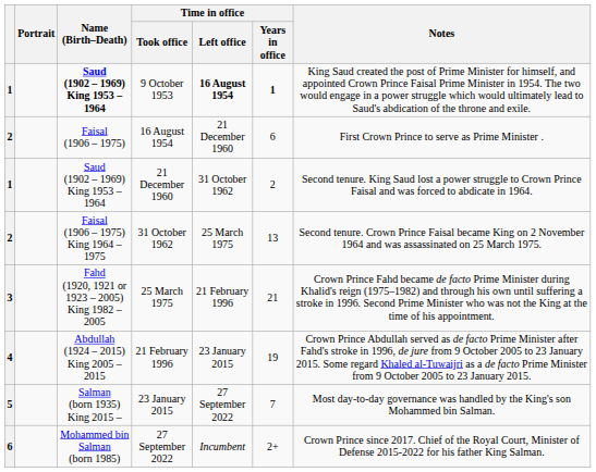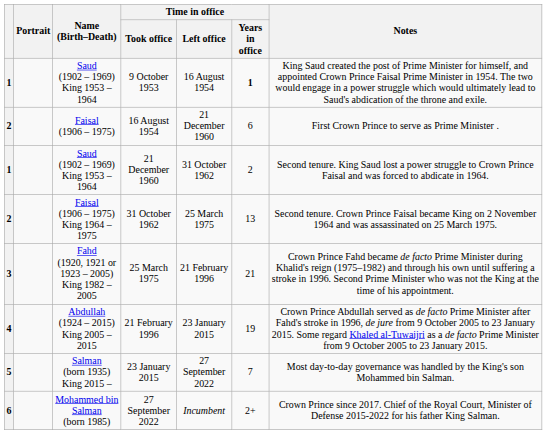 <table class="wikitable" style="text-align:center">
 <tr>
 <th rowspan="2"></th>
 <th rowspan="2">Portrait</th>
 <th rowspan="2">Name<br>(Birth–Death)</th>
 <th colspan="3">Time in office</th>
 <th rowspan="2">Notes</th>
 </tr>
 <tr>
 <th>Took office</th>
 <th>Left office</th>
 <th>Years in office</th>
 </tr>
 <tr>
 <th>1</th>
 <td></td>
-<td><strong><a href='#'>Saud</a><br>(1902 – 1969)<br>King 1953 – 1964</strong></td>
+<td><a href='#'>Saud</a><br>(1902 – 1969)<br>King 1953 – 1964</td>
 <td>9 October 1953</td>
-<td><strong>16 August 1954</strong></td>
+<td>16 August 1954</td>
 <td><strong>1</strong></td>
 <td>King Saud created the post of Prime Minister for himself, and appointed Crown Prince Faisal Prime Minister in 1954. The two would engage in a power struggle which would ultimately lead to Saud's abdication of the throne and exile.</td>
 </tr>
 <tr>
 <th>2</th>
 <td></td>
 <td><a href='#'>Faisal</a><br>(1906 – 1975)</td>
 <td>16 August 1954</td>
 <td>21 December 1960</td>
 <td>6</td>
 <td>First Crown Prince to serve as Prime Minister .</td>
 </tr>
 <tr>
 <th>1</th>
 <td></td>
 <td><a href='#'>Saud</a><br>(1902 – 1969)<br>King 1953 – 1964</td>
 <td>21 December 1960</td>
 <td>31 October 1962</td>
 <td>2</td>
 <td>Second tenure. King Saud lost a power struggle to Crown Prince Faisal and was forced to abdicate in 1964.</td>
 </tr>
 <tr>
 <th>2</th>
 <td></td>
 <td><a href='#'>Faisal</a><br>(1906 – 1975)<br>King 1964 – 1975</td>
 <td>31 October 1962</td>
 <td>25 March 1975</td>
 <td>13</td>
 <td>Second tenure. Crown Prince Faisal became King on 2 November 1964 and was assassinated on 25 March 1975.</td>
 </tr>
 <tr>
 <th>3</th>
 <td></td>
 <td><a href='#'>Fahd</a><br>(1920, 1921 or 1923 – 2005)<br>King 1982 – 2005</td>
 <td>25 March 1975</td>
 <td>21 February 1996</td>
 <td>21</td>
 <td>Crown Prince Fahd became <em>de facto</em> Prime Minister during Khalid's reign (1975–1982) and through his own until suffering a stroke in 1996. Second Prime Minister who was not the King at the time of his appointment.</td>
 </tr>
 <tr>
 <th>4</th>
 <td></td>
 <td><a href='#'>Abdullah</a><br>(1924 – 2015)<br>King 2005 – 2015</td>
 <td>21 February 1996</td>
 <td>23 January 2015</td>
 <td>19</td>
 <td>Crown Prince Abdullah served as <em>de facto</em> Prime Minister after Fahd's stroke in 1996, <em>de jure</em> from 9 October 2005 to 23 January 2015. Some regard <a href='#'>Khaled al-Tuwaijri</a> as a <em>de facto</em> Prime Minister from 9 October 2005 to 23 January 2015.</td>
 </tr>
 <tr>
 <th>5</th>
 <td></td>
 <td><a href='#'>Salman</a><br>(born 1935)<br>King 2015 –</td>
 <td>23 January 2015</td>
 <td>27 September 2022</td>
 <td>7</td>
 <td>Most day-to-day governance was handled by the King's son Mohammed bin Salman.</td>
 </tr>
 <tr>
 <th>6</th>
 <td></td>
 <td><a href='#'>Mohammed bin Salman</a><br>(born 1985)</td>
 <td>27 September 2022</td>
 <td><em>Incumbent</em></td>
 <td>2+</td>
 <td>Crown Prince since 2017. Chief of the Royal Court, Minister of Defense 2015-2022 for his father King Salman.</td>
 </tr>
 </table>
